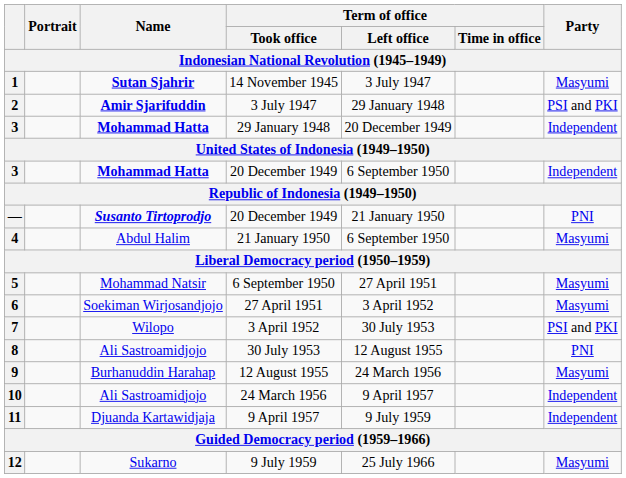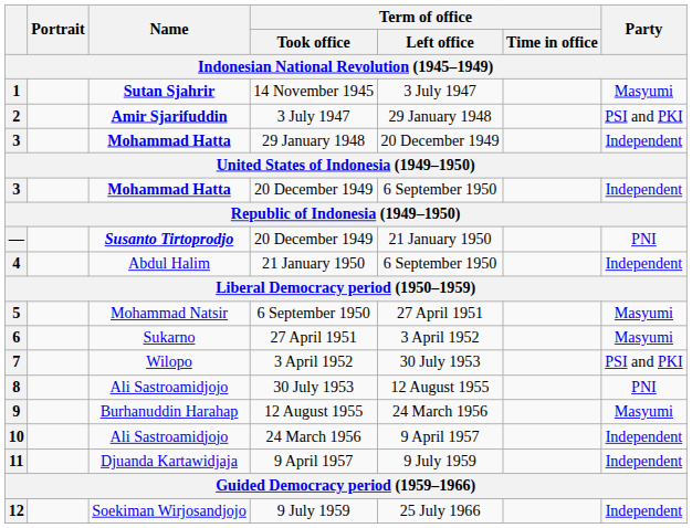 <table class="wikitable" style="text-align:center">
 <tr>
 <th rowspan="2"></th>
 <th rowspan="2">Portrait</th>
 <th rowspan="2">Name</th>
 <th colspan="3">Term of office</th>
 <th rowspan="2">Party</th>
 </tr>
 <tr>
 <th>Took office</th>
 <th>Left office</th>
 <th>Time in office</th>
 </tr>
 <tr>
 <th colspan="7"><a href='#'>Indonesian National Revolution</a> (1945–1949)</th>
 </tr>
 <tr>
 <th style="background:">1</th>
 <td></td>
 <td><strong><a href='#'>Sutan Sjahrir</a></strong><br></td>
 <td>14 November 1945</td>
 <td>3 July 1947</td>
 <td></td>
 <td><a href='#'>Masyumi</a></td>
 </tr>
 <tr>
 <th style="background:">2</th>
 <td></td>
 <td><strong><a href='#'>Amir Sjarifuddin</a></strong><br></td>
 <td>3 July 1947</td>
 <td>29 January 1948</td>
 <td></td>
 <td><a href='#'>PSI</a> and <a href='#'>PKI</a></td>
 </tr>
 <tr>
 <th style="background:">3</th>
 <td></td>
 <td><strong><a href='#'>Mohammad Hatta</a></strong><br></td>
 <td>29 January 1948</td>
 <td>20 December 1949</td>
 <td></td>
 <td><a href='#'>Independent</a></td>
 </tr>
 <tr>
 <th colspan="7"><a href='#'>United States of Indonesia</a> (1949–1950)</th>
 </tr>
 <tr>
 <th style="background:">3</th>
 <td></td>
 <td><strong><a href='#'>Mohammad Hatta</a></strong><br></td>
 <td>20 December 1949</td>
 <td>6 September 1950</td>
 <td></td>
 <td><a href='#'>Independent</a></td>
 </tr>
 <tr>
 <th colspan="7"><a href='#'>Republic of Indonesia</a> (1949–1950)</th>
 </tr>
 <tr>
 <th style="background:">—</th>
 <td></td>
 <td><strong><em><a href='#'>Susanto Tirtoprodjo</a><strong><br><em></td>
 <td></em>20 December 1949<em></td>
 <td></em>21 January 1950<em></td>
 <td></em><em></td>
 <td></em><a href='#'>PNI</a><em></td>
 </tr>
 <tr>
 <th style="background:">4</th>
 <td></td>
 <td></strong><a href='#'>Abdul Halim</a><strong><br></td>
 <td>21 January 1950</td>
 <td>6 September 1950</td>
 <td></td>
-<td><a href='#'>Masyumi</a></td>
+<td><a href='#'>Independent</a></td>
 </tr>
 <tr>
 <th colspan="7"><a href='#'>Liberal Democracy period</a> (1950–1959)</th>
 </tr>
 <tr>
 <th style="background:">5</th>
 <td></td>
 <td></strong><a href='#'>Mohammad Natsir</a><strong><br></td>
 <td>6 September 1950</td>
 <td>27 April 1951</td>
 <td></td>
 <td><a href='#'>Masyumi</a></td>
 </tr>
 <tr>
 <th style="background:">6</th>
 <td></td>
-<td></strong><a href='#'>Soekiman Wirjosandjojo</a><strong><br></td>
+<td></strong><a href='#'>Sukarno</a><strong><br></td>
 <td>27 April 1951</td>
 <td>3 April 1952</td>
 <td></td>
 <td><a href='#'>Masyumi</a></td>
 </tr>
 <tr>
 <th style="background:">7</th>
 <td></td>
 <td></strong><a href='#'>Wilopo</a><strong><br></td>
 <td>3 April 1952</td>
 <td>30 July 1953</td>
 <td></td>
 <td><a href='#'>PSI</a> and <a href='#'>PKI</a></td>
 </tr>
 <tr>
 <th style="background:">8</th>
 <td></td>
 <td></strong><a href='#'>Ali Sastroamidjojo</a><strong><br></td>
 <td>30 July 1953</td>
 <td>12 August 1955</td>
 <td></td>
 <td><a href='#'>PNI</a></td>
 </tr>
 <tr>
 <th style="background:">9</th>
 <td></td>
 <td></strong><a href='#'>Burhanuddin Harahap</a><strong><br></td>
 <td>12 August 1955</td>
 <td>24 March 1956</td>
 <td></td>
 <td><a href='#'>Masyumi</a></td>
 </tr>
 <tr>
 <th style="background:">10<br></th>
 <td></td>
 <td></strong><a href='#'>Ali Sastroamidjojo</a><strong><br></td>
 <td>24 March 1956</td>
 <td>9 April 1957</td>
 <td></td>
 <td><a href='#'>Independent</a></td>
 </tr>
 <tr>
 <th style="background:">11</th>
 <td></td>
 <td></strong><a href='#'>Djuanda Kartawidjaja</a><strong><br></td>
 <td>9 April 1957</td>
 <td>9 July 1959</td>
 <td></td>
 <td><a href='#'>Independent</a></td>
 </tr>
 <tr>
 <th colspan="7"><a href='#'>Guided Democracy period</a> (1959–1966)</th>
 </tr>
 <tr>
 <th style="background:">12</th>
 <td></td>
-<td></strong><a href='#'>Sukarno</a><strong><br></td>
+<td></strong><a href='#'>Soekiman Wirjosandjojo</a><strong><br></td>
 <td>9 July 1959</td>
 <td>25 July 1966</td>
 <td></td>
-<td><a href='#'>Masyumi</a></td>
+<td><a href='#'>Independent</a></td>
 </tr>
 </table>
